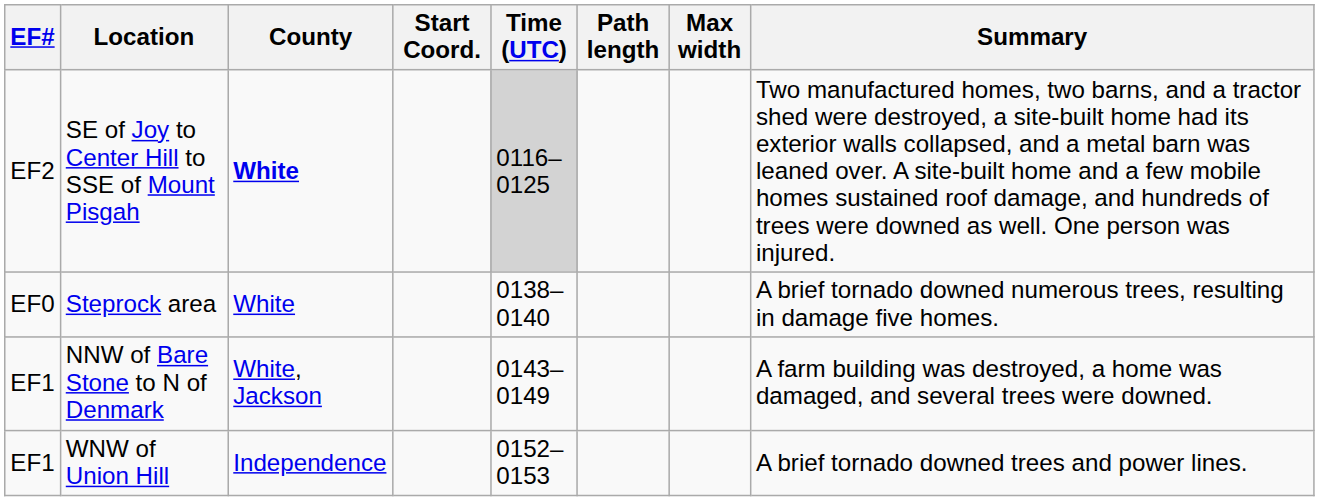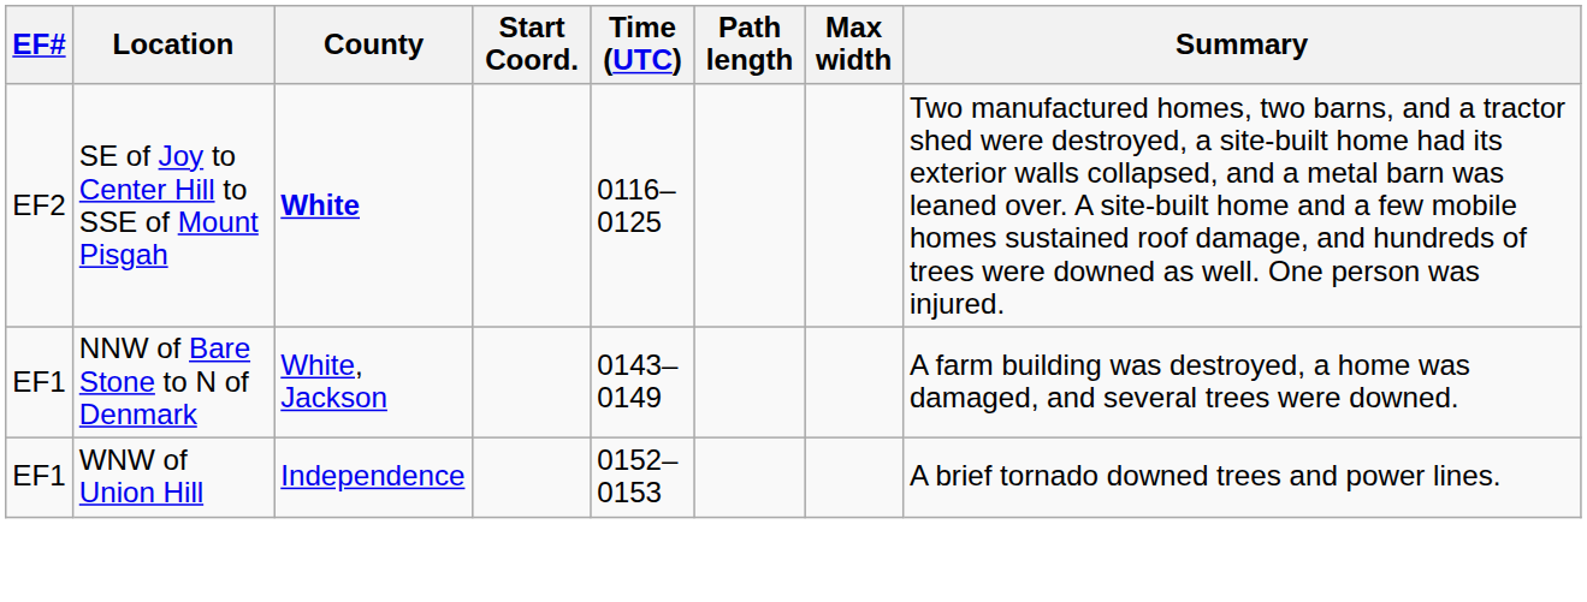 <table class="wikitable sortable">
 <tr>
 <th><a href='#'>EF#</a></th>
 <th>Location</th>
 <th>County</th>
 <th>Start Coord.</th>
 <th>Time (<a href='#'>UTC</a>)</th>
 <th>Path length</th>
 <th>Max width</th>
 <th>Summary</th>
 </tr>
 <tr>
 <td>EF2</td>
 <td>SE of <a href='#'>Joy</a> to <a href='#'>Center Hill</a> to SSE of <a href='#'>Mount Pisgah</a></td>
 <td><strong><a href='#'>White</a></strong></td>
 <td></td>
-<td style="background: lightgrey;">0116–0125</td>
+<td>0116–0125</td>
 <td></td>
 <td></td>
 <td>Two manufactured homes, two barns, and a tractor shed were destroyed, a site-built home had its exterior walls collapsed, and a metal barn was leaned over. A site-built home and a few mobile homes sustained roof damage, and hundreds of trees were downed as well. One person was injured.</td>
-</tr>
-<tr>
-<td>EF0</td>
-<td><a href='#'>Steprock</a> area</td>
-<td><a href='#'>White</a></td>
-<td></td>
-<td>0138–0140</td>
-<td></td>
-<td></td>
-<td>A brief tornado downed numerous trees, resulting in damage five homes.</td>
 </tr>
 <tr>
 <td>EF1</td>
 <td>NNW of <a href='#'>Bare Stone</a> to N of <a href='#'>Denmark</a></td>
 <td><a href='#'>White</a>, <a href='#'>Jackson</a></td>
 <td></td>
 <td>0143–0149</td>
 <td></td>
 <td></td>
 <td>A farm building was destroyed, a home was damaged, and several trees were downed.</td>
 </tr>
 <tr>
 <td>EF1</td>
 <td>WNW of <a href='#'>Union Hill</a></td>
 <td><a href='#'>Independence</a></td>
 <td></td>
 <td>0152–0153</td>
 <td></td>
 <td></td>
 <td>A brief tornado downed trees and power lines.</td>
 </tr>
 </table>
